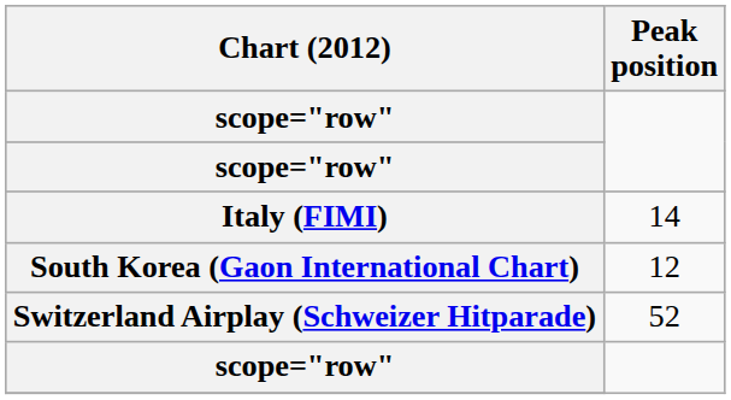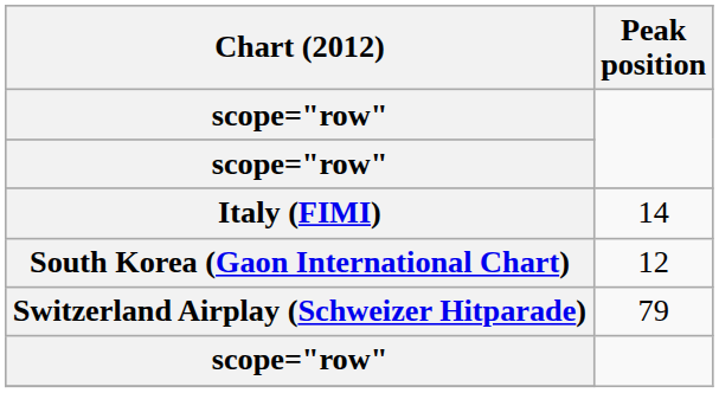 <table class="wikitable plainrowheaders sortable">
 <tr>
 <th>Chart (2012)</th>
 <th>Peak<br>position</th>
 </tr>
 <tr>
 <th>scope="row" </th>
 </tr>
 <tr>
 <th>scope="row" </th>
 </tr>
 <tr>
 <th scope="row">Italy (<a href='#'>FIMI</a>)</th>
 <td style="text-align:center;">14</td>
 </tr>
 <tr>
 <th scope="row">South Korea (<a href='#'>Gaon International Chart</a>)</th>
 <td style="text-align:center;">12</td>
 </tr>
 <tr>
 <th scope="row">Switzerland Airplay (<a href='#'>Schweizer Hitparade</a>)</th>
-<td style="text-align:center;">52</td>
+<td style="text-align:center;">79</td>
 </tr>
 <tr>
 <th>scope="row" </th>
 </tr>
 <tr>
 </tr>
 </table>
